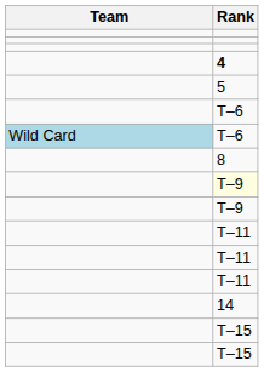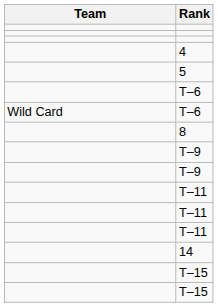 <table class="wikitable">
 <tr>
 <th width=210>Team</th>
 <th width=15>Rank</th>
 </tr>
 <tr>
 <td></td>
 <td></td>
 </tr>
 <tr>
 <td></td>
 <td></td>
 </tr>
 <tr>
 <td></td>
 <td></td>
 </tr>
 <tr>
 <td></td>
-<td><strong>4</strong></td>
+<td>4</td>
 </tr>
 <tr>
 <td></td>
 <td>5</td>
 </tr>
 <tr>
 <td></td>
 <td>T–6</td>
 </tr>
 <tr>
-<td style="background: lightblue;"> Wild Card</td>
+<td> Wild Card</td>
 <td>T–6</td>
 </tr>
 <tr>
 <td></td>
 <td>8</td>
 </tr>
 <tr>
 <td></td>
-<td style="background: lightyellow;">T–9</td>
+<td>T–9</td>
 </tr>
 <tr>
 <td></td>
 <td>T–9</td>
 </tr>
 <tr>
 <td></td>
 <td>T–11</td>
 </tr>
 <tr>
 <td></td>
 <td>T–11</td>
 </tr>
 <tr>
 <td></td>
 <td>T–11</td>
 </tr>
 <tr>
 <td></td>
 <td>14</td>
 </tr>
 <tr>
 <td></td>
 <td>T–15</td>
 </tr>
 <tr>
 <td></td>
 <td>T–15</td>
 </tr>
 </table>
